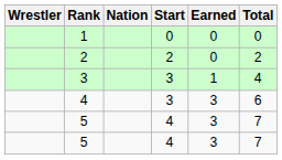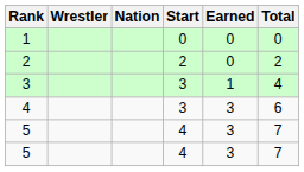 <table class="wikitable sortable" style="text-align:center;">
 <tr>
+<th>Rank</th>
 <th>Wrestler</th>
-<th>Rank</th>
 <th>Nation</th>
 <th>Start</th>
 <th>Earned</th>
 <th>Total</th>
 </tr>
 <tr style="background:#cfc;">
+<td>1</td>
 <td align=left></td>
-<td>1</td>
 <td align=left></td>
 <td>0</td>
 <td>0</td>
 <td>0</td>
 </tr>
 <tr style="background:#cfc;">
+<td>2</td>
 <td align=left></td>
-<td>2</td>
 <td align=left></td>
 <td>2</td>
 <td>0</td>
 <td>2</td>
 </tr>
 <tr style="background:#cfc;">
+<td>3</td>
 <td align=left></td>
-<td>3</td>
 <td align=left></td>
 <td>3</td>
 <td>1</td>
 <td>4</td>
 </tr>
 <tr>
+<td>4</td>
 <td align=left></td>
-<td>4</td>
 <td align=left></td>
 <td>3</td>
 <td>3</td>
 <td>6</td>
 </tr>
 <tr>
+<td>5</td>
 <td align=left></td>
-<td>5</td>
 <td align=left></td>
 <td>4</td>
 <td>3</td>
 <td>7</td>
 </tr>
 <tr>
+<td>5</td>
 <td align=left></td>
-<td>5</td>
 <td align=left></td>
 <td>4</td>
 <td>3</td>
 <td>7</td>
 </tr>
 </table>
